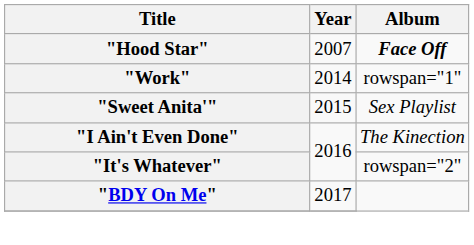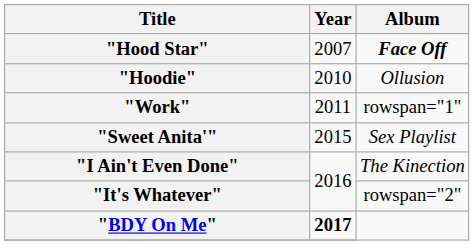 <table class="wikitable plainrowheaders" style="text-align:center;">
 <tr>
 <th scope="col" style="width:16em;">Title</th>
 <th scope="col">Year</th>
 <th scope="col" row>Album</th>
 </tr>
 <tr>
 <th scope="row">"Hood Star"<br></th>
 <td>2007</td>
 <td><strong><em>Face Off</em></strong></td>
 </tr>
 <tr>
+<th scope="row">"Hoodie"<br></th>
+<td>2010</td>
+<td><em>Ollusion</em></td>
+</tr>
+<tr>
 <th scope="row">"Work"</th>
-<td>2014</td>
+<td>2011</td>
 <td>rowspan="1" </td>
 </tr>
 <tr>
 <th scope="row">"Sweet Anita'"</th>
 <td>2015</td>
 <td><em>Sex Playlist</em></td>
 </tr>
 <tr>
 <th scope="row">"I Ain't Even Done"<br></th>
 <td rowspan="2">2016</td>
 <td><em>The Kinection</em></td>
 </tr>
 <tr>
 <th scope="row">"It's Whatever"</th>
 <td>rowspan="2" </td>
 </tr>
 <tr>
 <th scope="row">"<a href='#'>BDY On Me</a>"</th>
-<td>2017</td>
+<td><strong>2017</strong></td>
 </tr>
 <tr>
 </tr>
 </table>
